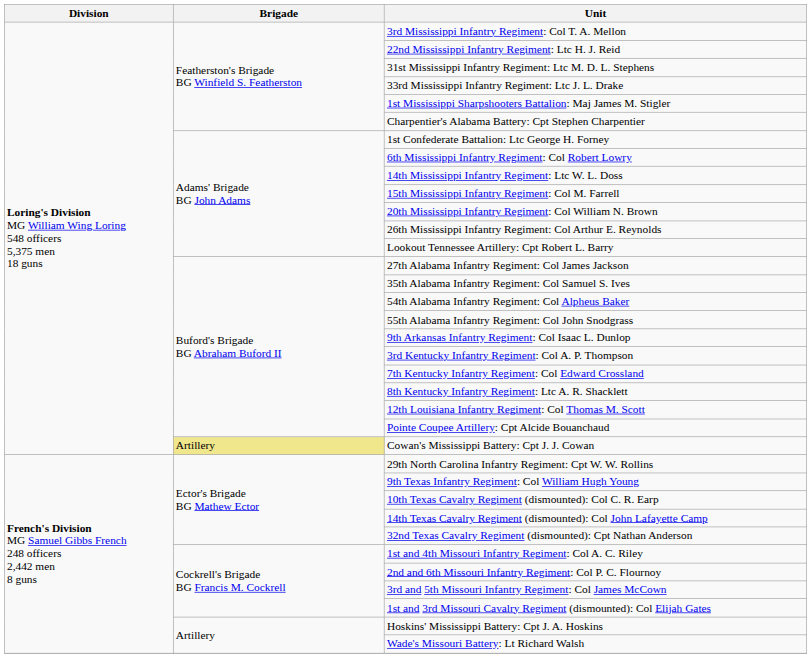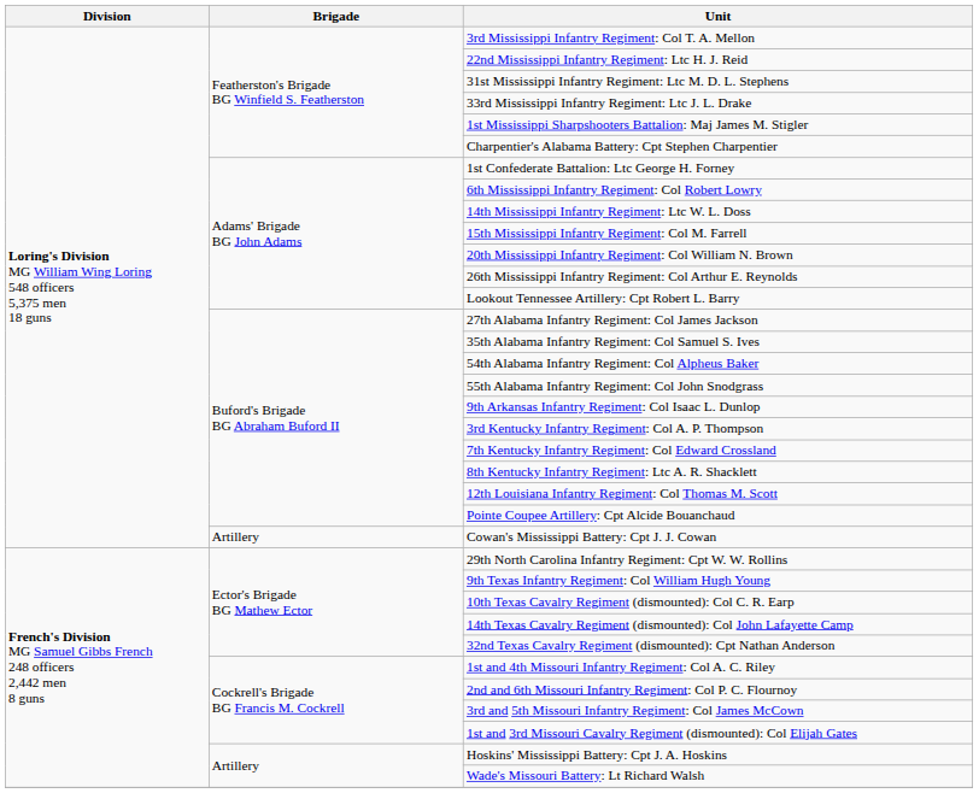 <table class="wikitable" style="text-align:left; width:57%;">
 <tr>
 <th width=12%>Division</th>
 <th width=15%>Brigade</th>
 <th width=30%>Unit</th>
 </tr>
 <tr>
 <td rowspan=24><strong>Loring's Division</strong><br>MG <a href='#'>William Wing Loring</a><br>548 officers<br>5,375 men<br>18 guns</td>
 <td rowspan=6>Featherston's Brigade<br>BG <a href='#'>Winfield S. Featherston</a></td>
 <td><a href='#'>3rd Mississippi Infantry Regiment</a>: Col T. A. Mellon</td>
 </tr>
 <tr>
 <td><a href='#'>22nd Mississippi Infantry Regiment</a>: Ltc H. J. Reid</td>
 </tr>
 <tr>
 <td>31st Mississippi Infantry Regiment: Ltc M. D. L. Stephens</td>
 </tr>
 <tr>
 <td>33rd Mississippi Infantry Regiment: Ltc J. L. Drake</td>
 </tr>
 <tr>
 <td><a href='#'>1st Mississippi Sharpshooters Battalion</a>: Maj James M. Stigler</td>
 </tr>
 <tr>
 <td>Charpentier's Alabama Battery: Cpt Stephen Charpentier</td>
 </tr>
 <tr>
 <td rowspan=7>Adams' Brigade<br>BG <a href='#'>John Adams</a></td>
 <td>1st Confederate Battalion: Ltc George H. Forney</td>
 </tr>
 <tr>
 <td><a href='#'>6th Mississippi Infantry Regiment</a>: Col <a href='#'>Robert Lowry</a></td>
 </tr>
 <tr>
 <td><a href='#'>14th Mississippi Infantry Regiment</a>: Ltc W. L. Doss</td>
 </tr>
 <tr>
 <td><a href='#'>15th Mississippi Infantry Regiment</a>: Col M. Farrell</td>
 </tr>
 <tr>
 <td><a href='#'>20th Mississippi Infantry Regiment</a>: Col William N. Brown</td>
 </tr>
 <tr>
 <td>26th Mississippi Infantry Regiment: Col Arthur E. Reynolds</td>
 </tr>
 <tr>
 <td>Lookout Tennessee Artillery: Cpt Robert L. Barry</td>
 </tr>
 <tr>
 <td rowspan=10>Buford's Brigade<br>BG <a href='#'>Abraham Buford II</a></td>
 <td>27th Alabama Infantry Regiment: Col James Jackson</td>
 </tr>
 <tr>
 <td>35th Alabama Infantry Regiment: Col Samuel S. Ives</td>
 </tr>
 <tr>
 <td>54th Alabama Infantry Regiment: Col <a href='#'>Alpheus Baker</a></td>
 </tr>
 <tr>
 <td>55th Alabama Infantry Regiment: Col John Snodgrass</td>
 </tr>
 <tr>
 <td><a href='#'>9th Arkansas Infantry Regiment</a>: Col Isaac L. Dunlop</td>
 </tr>
 <tr>
 <td><a href='#'>3rd Kentucky Infantry Regiment</a>: Col A. P. Thompson</td>
 </tr>
 <tr>
 <td><a href='#'>7th Kentucky Infantry Regiment</a>: Col <a href='#'>Edward Crossland</a></td>
 </tr>
 <tr>
 <td><a href='#'>8th Kentucky Infantry Regiment</a>: Ltc A. R. Shacklett</td>
 </tr>
 <tr>
 <td><a href='#'>12th Louisiana Infantry Regiment</a>: Col <a href='#'>Thomas M. Scott</a></td>
 </tr>
 <tr>
 <td><a href='#'>Pointe Coupee Artillery</a>: Cpt Alcide Bouanchaud</td>
 </tr>
 <tr>
-<td rowspan=1 style="background: khaki;">Artillery</td>
+<td rowspan=1>Artillery</td>
 <td>Cowan's Mississippi Battery: Cpt J. J. Cowan</td>
 </tr>
 <tr>
 <td rowspan=11><strong>French's Division</strong><br>MG <a href='#'>Samuel Gibbs French</a><br>248 officers<br>2,442 men<br>8 guns</td>
 <td rowspan=5>Ector's Brigade<br>BG <a href='#'>Mathew Ector</a></td>
 <td>29th North Carolina Infantry Regiment: Cpt W. W. Rollins</td>
 </tr>
 <tr>
 <td><a href='#'>9th Texas Infantry Regiment</a>: Col <a href='#'>William Hugh Young</a></td>
 </tr>
 <tr>
 <td><a href='#'>10th Texas Cavalry Regiment</a> (dismounted): Col C. R. Earp</td>
 </tr>
 <tr>
 <td><a href='#'>14th Texas Cavalry Regiment</a> (dismounted): Col <a href='#'>John Lafayette Camp</a></td>
 </tr>
 <tr>
 <td><a href='#'>32nd Texas Cavalry Regiment</a> (dismounted): Cpt Nathan Anderson</td>
 </tr>
 <tr>
 <td rowspan=4>Cockrell's Brigade<br>BG <a href='#'>Francis M. Cockrell</a></td>
 <td><a href='#'>1st and 4th Missouri Infantry Regiment</a>: Col A. C. Riley</td>
 </tr>
 <tr>
 <td><a href='#'>2nd and 6th Missouri Infantry Regiment</a>: Col P. C. Flournoy</td>
 </tr>
 <tr>
 <td><a href='#'>3rd and</a> <a href='#'>5th Missouri Infantry Regiment</a>: Col <a href='#'>James McCown</a></td>
 </tr>
 <tr>
 <td><a href='#'>1st and</a> <a href='#'>3rd Missouri Cavalry Regiment</a> (dismounted): Col <a href='#'>Elijah Gates</a></td>
 </tr>
 <tr>
 <td rowspan=2>Artillery</td>
 <td>Hoskins' Mississippi Battery: Cpt J. A. Hoskins</td>
 </tr>
 <tr>
 <td><a href='#'>Wade's Missouri Battery</a>: Lt Richard Walsh</td>
 </tr>
 <tr>
 </tr>
 </table>
